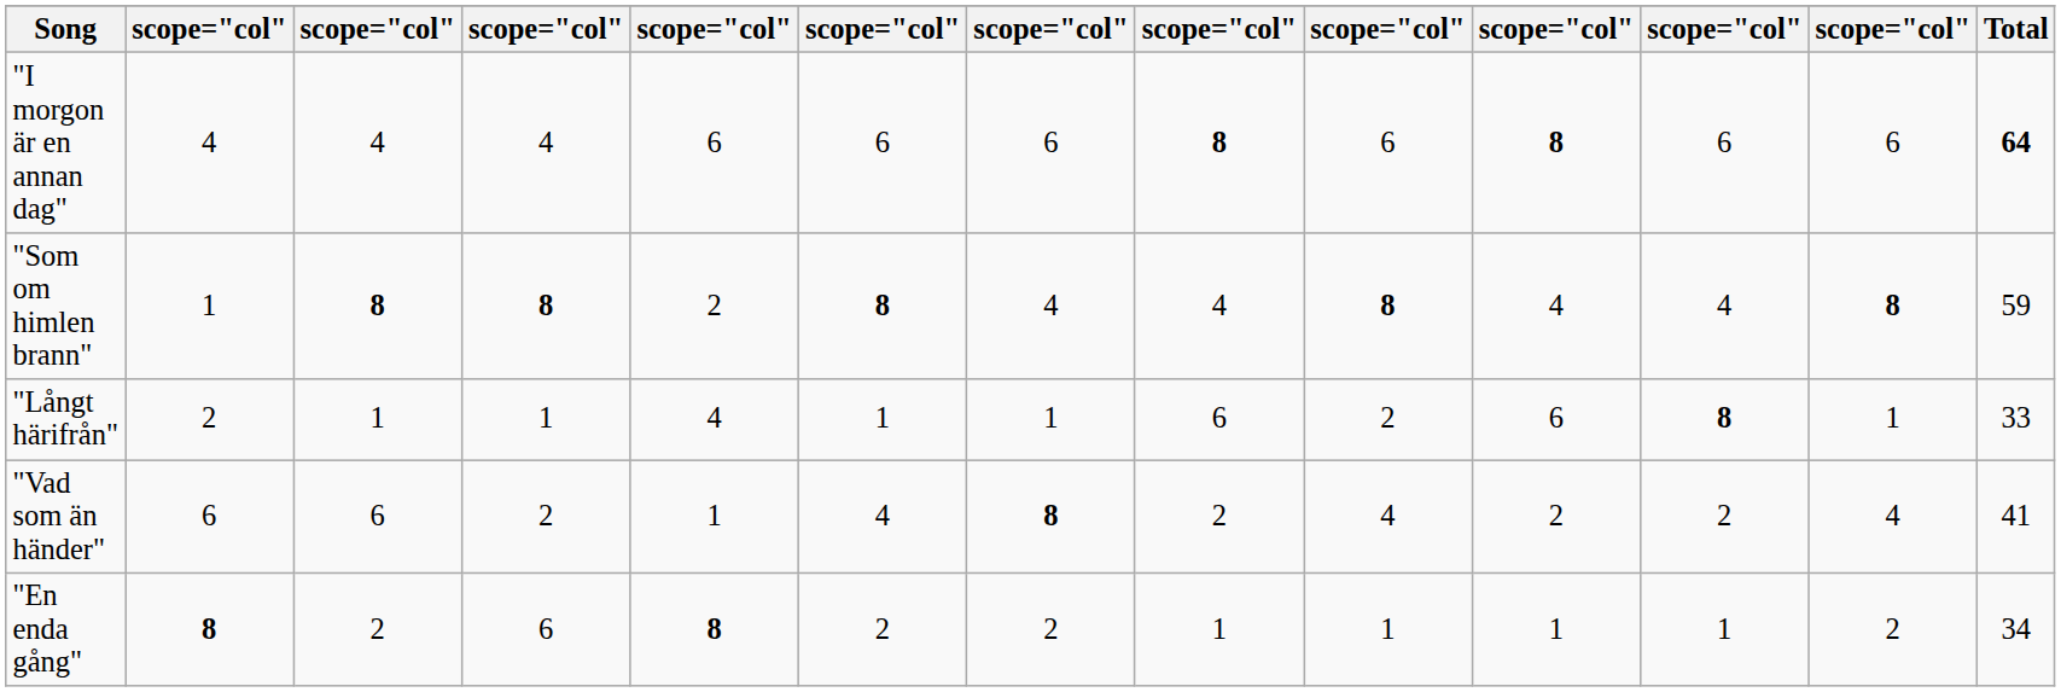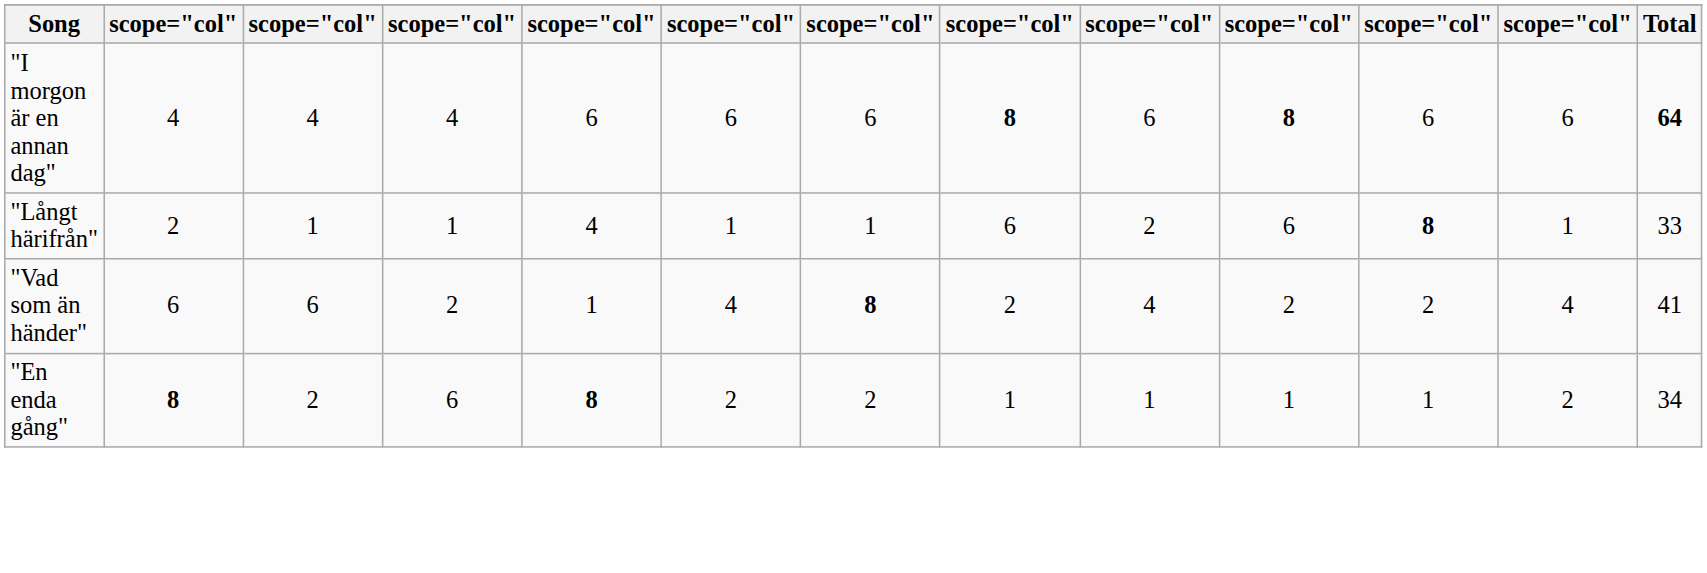 <table class="wikitable plainrowheaders" style="margin: 1em auto 1em auto; text-align:center;">
 <tr>
 </tr>
 <tr>
 <th scope="col">Song</th>
 <th>scope="col" </th>
 <th>scope="col" </th>
 <th>scope="col" </th>
 <th>scope="col" </th>
 <th>scope="col" </th>
 <th>scope="col" </th>
 <th>scope="col" </th>
 <th>scope="col" </th>
 <th>scope="col" </th>
 <th>scope="col" </th>
 <th>scope="col" </th>
 <th scope="col">Total</th>
 </tr>
 <tr --->
 <td align="left">"I morgon är en annan dag"</td>
 <td>4</td>
 <td>4</td>
 <td>4</td>
 <td>6</td>
 <td>6</td>
 <td>6</td>
 <td><strong>8</strong></td>
 <td>6</td>
 <td><strong>8</strong></td>
 <td>6</td>
 <td>6</td>
 <td><strong>64</strong></td>
-</tr>
-<tr --->
-<td align="left">"Som om himlen brann"</td>
-<td>1</td>
-<td><strong>8</strong></td>
-<td><strong>8</strong></td>
-<td>2</td>
-<td><strong>8</strong></td>
-<td>4</td>
-<td>4</td>
-<td><strong>8</strong></td>
-<td>4</td>
-<td>4</td>
-<td><strong>8</strong></td>
-<td>59</td>
 </tr>
 <tr --->
 <td align="left">"Långt härifrån"</td>
 <td>2</td>
 <td>1</td>
 <td>1</td>
 <td>4</td>
 <td>1</td>
 <td>1</td>
 <td>6</td>
 <td>2</td>
 <td>6</td>
 <td><strong>8</strong></td>
 <td>1</td>
 <td>33</td>
 </tr>
 <tr --->
 <td align="left">"Vad som än händer"</td>
 <td>6</td>
 <td>6</td>
 <td>2</td>
 <td>1</td>
 <td>4</td>
 <td><strong>8</strong></td>
 <td>2</td>
 <td>4</td>
 <td>2</td>
 <td>2</td>
 <td>4</td>
 <td>41</td>
 </tr>
 <tr --->
 <td align="left">"En enda gång"</td>
 <td><strong>8</strong></td>
 <td>2</td>
 <td>6</td>
 <td><strong>8</strong></td>
 <td>2</td>
 <td>2</td>
 <td>1</td>
 <td>1</td>
 <td>1</td>
 <td>1</td>
 <td>2</td>
 <td>34</td>
 </tr>
 </table>
